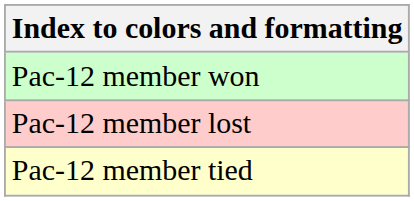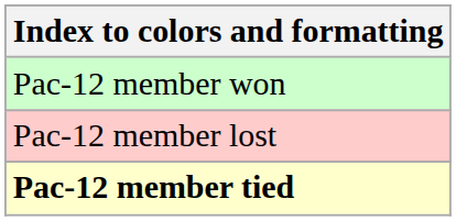 <table class="wikitable">
 <tr>
 <th>Index to colors and formatting</th>
 </tr>
 <tr style="background:#cfc;">
 <td>Pac-12 member won</td>
 </tr>
 <tr style="background:#fcc;">
 <td>Pac-12 member lost</td>
 </tr>
 <tr style="background:#ffc;">
-<td>Pac-12 member tied</td>
+<td><strong>Pac-12 member tied</strong></td>
 </tr>
 </table>
